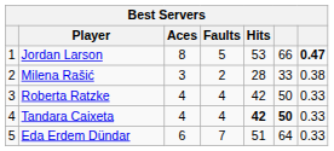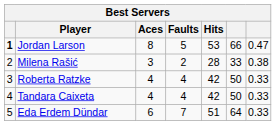 <table class="wikitable sortable" style=font-size:90%>
 <tr>
 <th colspan=7>Best Servers</th>
 </tr>
 <tr>
 <th></th>
 <th width=158>Player</th>
 <th width=20>Aces</th>
 <th width=20>Faults</th>
 <th width=20>Hits</th>
 <th width=20></th>
 <th width=20></th>
 </tr>
 <tr>
-<td>1</td>
+<td><strong>1</strong></td>
 <td> <a href='#'>Jordan Larson</a></td>
 <td align=center>8</td>
 <td align=center>5</td>
 <td align=center>53</td>
 <td align=center>66</td>
-<td align=center><strong>0.47</strong></td>
+<td align=center>0.47</td>
 </tr>
 <tr>
 <td>2</td>
 <td> <a href='#'>Milena Rašić</a></td>
 <td align=center>3</td>
 <td align=center>2</td>
 <td align=center>28</td>
 <td align=center>33</td>
 <td align=center>0.38</td>
 </tr>
 <tr>
 <td>3</td>
 <td> <a href='#'>Roberta Ratzke</a></td>
 <td align=center>4</td>
 <td align=center>4</td>
 <td align=center>42</td>
 <td align=center>50</td>
 <td align=center>0.33</td>
 </tr>
 <tr>
 <td>4</td>
 <td> <a href='#'>Tandara Caixeta</a></td>
 <td align=center>4</td>
 <td align=center>4</td>
-<td align=center><strong>42</strong></td>
-<td align=center><strong>50</strong></td>
+<td align=center>42</td>
+<td align=center>50</td>
 <td align=center>0.33</td>
 </tr>
 <tr>
 <td>5</td>
 <td> <a href='#'>Eda Erdem Dündar</a></td>
 <td align=center>6</td>
 <td align=center>7</td>
 <td align=center>51</td>
 <td align=center>64</td>
 <td align=center>0.33</td>
 </tr>
 </table>
